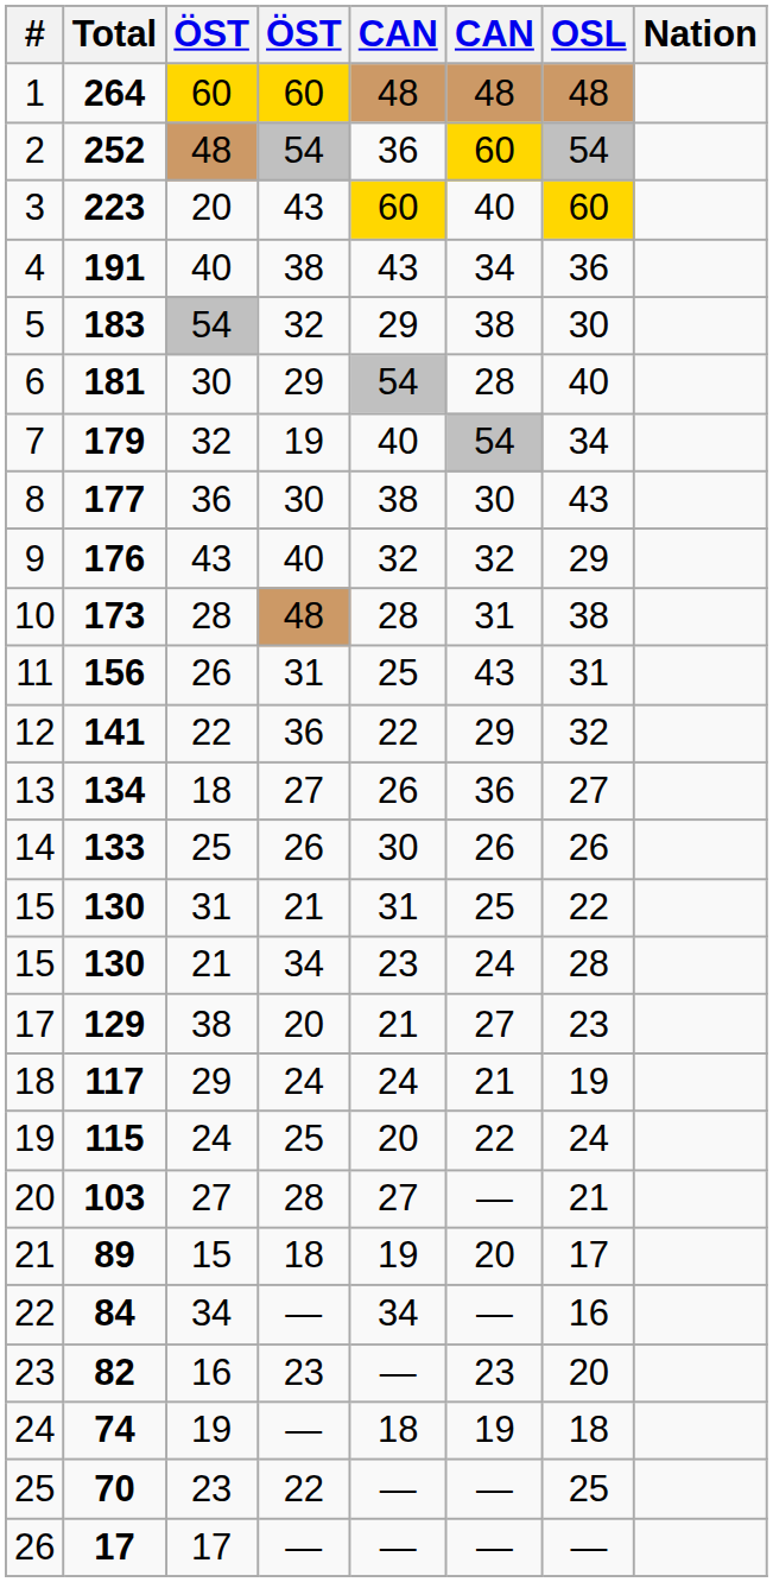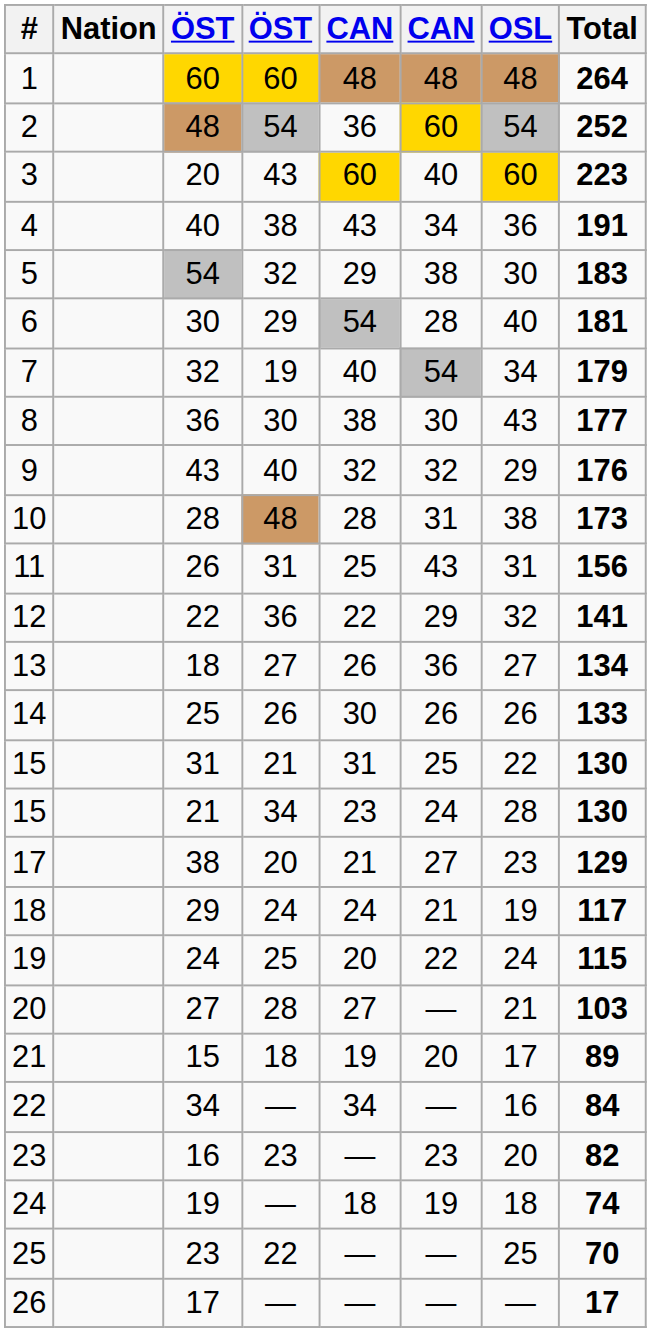 <table class="wikitable sortable" style="text-align:center;">
 <tr>
 <th>#</th>
-<th>Total</th>
+<th>Nation</th>
 <th><a href='#'>ÖST</a><br></th>
 <th><a href='#'>ÖST</a><br></th>
 <th><a href='#'>CAN</a><br></th>
 <th><a href='#'>CAN</a><br></th>
 <th><a href='#'>OSL</a><br></th>
-<th>Nation</th>
+<th>Total</th>
 </tr>
 <tr>
 <td>1</td>
-<td><strong>264</strong></td>
+<td align="left"></td>
 <td bgcolor="gold">60</td>
 <td bgcolor="gold">60</td>
 <td bgcolor="CC9966">48</td>
 <td bgcolor="CC9966">48</td>
 <td bgcolor="CC9966">48</td>
-<td align="left"></td>
+<td><strong>264</strong></td>
 </tr>
 <tr>
 <td>2</td>
-<td><strong>252</strong></td>
+<td align="left"></td>
 <td bgcolor="CC9966">48</td>
 <td bgcolor="silver">54</td>
 <td>36</td>
 <td bgcolor="gold">60</td>
 <td bgcolor="silver">54</td>
-<td align="left"></td>
+<td><strong>252</strong></td>
 </tr>
 <tr>
 <td>3</td>
-<td><strong>223</strong></td>
+<td align="left"></td>
 <td>20</td>
 <td>43</td>
 <td bgcolor="gold">60</td>
 <td>40</td>
 <td bgcolor="gold">60</td>
-<td align="left"></td>
+<td><strong>223</strong></td>
 </tr>
 <tr>
 <td>4</td>
-<td><strong>191</strong></td>
+<td align="left"></td>
 <td>40</td>
 <td>38</td>
 <td>43</td>
 <td>34</td>
 <td>36</td>
-<td align="left"></td>
+<td><strong>191</strong></td>
 </tr>
 <tr>
 <td>5</td>
-<td><strong>183</strong></td>
+<td align="left"></td>
 <td bgcolor="silver">54</td>
 <td>32</td>
 <td>29</td>
 <td>38</td>
 <td>30</td>
-<td align="left"></td>
+<td><strong>183</strong></td>
 </tr>
 <tr>
 <td>6</td>
-<td><strong>181</strong></td>
+<td align="left"></td>
 <td>30</td>
 <td>29</td>
 <td bgcolor="silver">54</td>
 <td>28</td>
 <td>40</td>
-<td align="left"></td>
+<td><strong>181</strong></td>
 </tr>
 <tr>
 <td>7</td>
-<td><strong>179</strong></td>
+<td align="left"></td>
 <td>32</td>
 <td>19</td>
 <td>40</td>
 <td bgcolor="silver">54</td>
 <td>34</td>
-<td align="left"></td>
+<td><strong>179</strong></td>
 </tr>
 <tr>
 <td>8</td>
-<td><strong>177</strong></td>
+<td align="left"></td>
 <td>36</td>
 <td>30</td>
 <td>38</td>
 <td>30</td>
 <td>43</td>
-<td align="left"></td>
+<td><strong>177</strong></td>
 </tr>
 <tr>
 <td>9</td>
-<td><strong>176</strong></td>
+<td align="left"></td>
 <td>43</td>
 <td>40</td>
 <td>32</td>
 <td>32</td>
 <td>29</td>
-<td align="left"></td>
+<td><strong>176</strong></td>
 </tr>
 <tr>
 <td>10</td>
-<td><strong>173</strong></td>
+<td align="left"></td>
 <td>28</td>
 <td bgcolor="CC9966">48</td>
 <td>28</td>
 <td>31</td>
 <td>38</td>
-<td align="left"></td>
+<td><strong>173</strong></td>
 </tr>
 <tr>
 <td>11</td>
-<td><strong>156</strong></td>
+<td align="left"></td>
 <td>26</td>
 <td>31</td>
 <td>25</td>
 <td>43</td>
 <td>31</td>
-<td align="left"></td>
+<td><strong>156</strong></td>
 </tr>
 <tr>
 <td>12</td>
-<td><strong>141</strong></td>
+<td align="left"></td>
 <td>22</td>
 <td>36</td>
 <td>22</td>
 <td>29</td>
 <td>32</td>
-<td align="left"></td>
+<td><strong>141</strong></td>
 </tr>
 <tr>
 <td>13</td>
-<td><strong>134</strong></td>
+<td align="left"></td>
 <td>18</td>
 <td>27</td>
 <td>26</td>
 <td>36</td>
 <td>27</td>
-<td align="left"></td>
+<td><strong>134</strong></td>
 </tr>
 <tr>
 <td>14</td>
-<td><strong>133</strong></td>
+<td align="left"></td>
 <td>25</td>
 <td>26</td>
 <td>30</td>
 <td>26</td>
 <td>26</td>
-<td align="left"></td>
+<td><strong>133</strong></td>
 </tr>
 <tr>
 <td>15</td>
-<td><strong>130</strong></td>
+<td align="left"></td>
 <td>31</td>
 <td>21</td>
 <td>31</td>
 <td>25</td>
 <td>22</td>
-<td align="left"></td>
+<td><strong>130</strong></td>
 </tr>
 <tr>
 <td>15</td>
-<td><strong>130</strong></td>
+<td align="left"></td>
 <td>21</td>
 <td>34</td>
 <td>23</td>
 <td>24</td>
 <td>28</td>
-<td align="left"></td>
+<td><strong>130</strong></td>
 </tr>
 <tr>
 <td>17</td>
-<td><strong>129</strong></td>
+<td align="left"></td>
 <td>38</td>
 <td>20</td>
 <td>21</td>
 <td>27</td>
 <td>23</td>
-<td align="left"></td>
+<td><strong>129</strong></td>
 </tr>
 <tr>
 <td>18</td>
-<td><strong>117</strong></td>
+<td align="left"></td>
 <td>29</td>
 <td>24</td>
 <td>24</td>
 <td>21</td>
 <td>19</td>
-<td align="left"></td>
+<td><strong>117</strong></td>
 </tr>
 <tr>
 <td>19</td>
-<td><strong>115</strong></td>
+<td align="left"></td>
 <td>24</td>
 <td>25</td>
 <td>20</td>
 <td>22</td>
 <td>24</td>
-<td align="left"></td>
+<td><strong>115</strong></td>
 </tr>
 <tr>
 <td>20</td>
-<td><strong>103</strong></td>
+<td align="left"></td>
 <td>27</td>
 <td>28</td>
 <td>27</td>
 <td>—</td>
 <td>21</td>
-<td align="left"></td>
+<td><strong>103</strong></td>
 </tr>
 <tr>
 <td>21</td>
-<td><strong>89</strong></td>
+<td align="left"></td>
 <td>15</td>
 <td>18</td>
 <td>19</td>
 <td>20</td>
 <td>17</td>
-<td align="left"></td>
+<td><strong>89</strong></td>
 </tr>
 <tr>
 <td>22</td>
-<td><strong>84</strong></td>
+<td align="left"></td>
 <td>34</td>
 <td>—</td>
 <td>34</td>
 <td>—</td>
 <td>16</td>
-<td align="left"></td>
+<td><strong>84</strong></td>
 </tr>
 <tr>
 <td>23</td>
-<td><strong>82</strong></td>
+<td align="left"></td>
 <td>16</td>
 <td>23</td>
 <td>—</td>
 <td>23</td>
 <td>20</td>
-<td align="left"></td>
+<td><strong>82</strong></td>
 </tr>
 <tr>
 <td>24</td>
-<td><strong>74</strong></td>
+<td align="left"></td>
 <td>19</td>
 <td>—</td>
 <td>18</td>
 <td>19</td>
 <td>18</td>
-<td align="left"></td>
+<td><strong>74</strong></td>
 </tr>
 <tr>
 <td>25</td>
-<td><strong>70</strong></td>
+<td align="left"></td>
 <td>23</td>
 <td>22</td>
 <td>—</td>
 <td>—</td>
 <td>25</td>
-<td align="left"></td>
+<td><strong>70</strong></td>
 </tr>
 <tr>
 <td>26</td>
-<td><strong>17</strong></td>
+<td align="left"></td>
 <td>17</td>
 <td>—</td>
 <td>—</td>
 <td>—</td>
 <td>—</td>
-<td align="left"></td>
+<td><strong>17</strong></td>
 </tr>
 </table>
